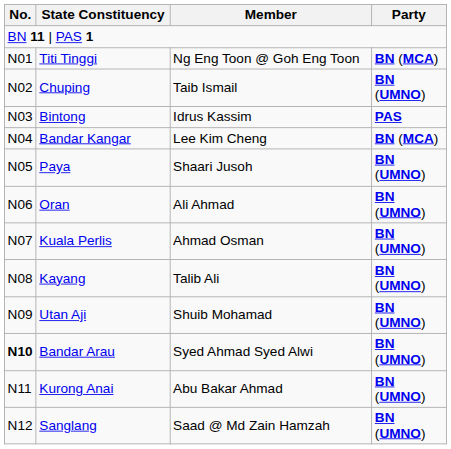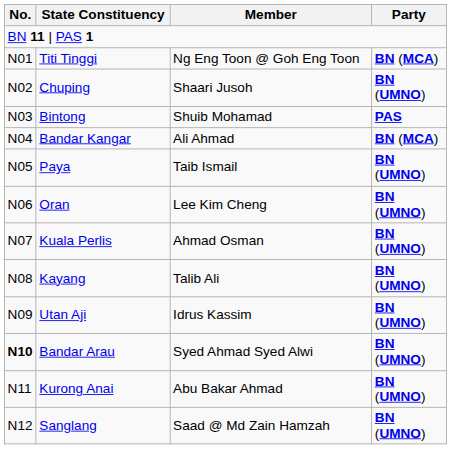 <table class="wikitable sortable">
 <tr>
 <th style="width:30px;">No.</th>
 <th style="width:150px;">State Constituency</th>
 <th style="width:230px;">Member</th>
 <th style="width:80px;">Party</th>
 </tr>
 <tr>
 <td colspan="4"><a href='#'>BN</a> <strong>11</strong> | <a href='#'>PAS</a> <strong>1</strong></td>
 </tr>
 <tr>
 <td>N01</td>
 <td><a href='#'>Titi Tinggi</a></td>
 <td>Ng Eng Toon @ Goh Eng Toon</td>
 <td><strong><a href='#'>BN</a></strong> (<strong><a href='#'>MCA</a></strong>)</td>
 </tr>
 <tr>
 <td>N02</td>
 <td><a href='#'>Chuping</a></td>
-<td>Taib Ismail</td>
+<td>Shaari Jusoh</td>
 <td><strong><a href='#'>BN</a></strong> (<strong><a href='#'>UMNO</a></strong>)</td>
 </tr>
 <tr>
 <td>N03</td>
 <td><a href='#'>Bintong</a></td>
-<td>Idrus Kassim</td>
+<td>Shuib Mohamad</td>
 <td><strong><a href='#'>PAS</a></strong></td>
 </tr>
 <tr>
 <td>N04</td>
 <td><a href='#'>Bandar Kangar</a></td>
-<td>Lee Kim Cheng</td>
+<td>Ali Ahmad</td>
 <td><strong><a href='#'>BN</a></strong> (<strong><a href='#'>MCA</a></strong>)</td>
 </tr>
 <tr>
 <td>N05</td>
 <td><a href='#'>Paya</a></td>
-<td>Shaari Jusoh</td>
+<td>Taib Ismail</td>
 <td><strong><a href='#'>BN</a></strong> (<strong><a href='#'>UMNO</a></strong>)</td>
 </tr>
 <tr>
 <td>N06</td>
 <td><a href='#'>Oran</a></td>
-<td>Ali Ahmad</td>
+<td>Lee Kim Cheng</td>
 <td><strong><a href='#'>BN</a></strong> (<strong><a href='#'>UMNO</a></strong>)</td>
 </tr>
 <tr>
 <td>N07</td>
 <td><a href='#'>Kuala Perlis</a></td>
 <td>Ahmad Osman</td>
 <td><strong><a href='#'>BN</a></strong> (<strong><a href='#'>UMNO</a></strong>)</td>
 </tr>
 <tr>
 <td>N08</td>
 <td><a href='#'>Kayang</a></td>
 <td>Talib Ali</td>
 <td><strong><a href='#'>BN</a></strong> (<strong><a href='#'>UMNO</a></strong>)</td>
 </tr>
 <tr>
 <td>N09</td>
 <td><a href='#'>Utan Aji</a></td>
-<td>Shuib Mohamad</td>
+<td>Idrus Kassim</td>
 <td><strong><a href='#'>BN</a></strong> (<strong><a href='#'>UMNO</a></strong>)</td>
 </tr>
 <tr>
 <td><strong>N10</strong></td>
 <td><a href='#'>Bandar Arau</a></td>
 <td>Syed Ahmad Syed Alwi</td>
 <td><strong><a href='#'>BN</a></strong> (<strong><a href='#'>UMNO</a></strong>)</td>
 </tr>
 <tr>
 <td>N11</td>
 <td><a href='#'>Kurong Anai</a></td>
 <td>Abu Bakar Ahmad</td>
 <td><strong><a href='#'>BN</a></strong> (<strong><a href='#'>UMNO</a></strong>)</td>
 </tr>
 <tr>
 <td>N12</td>
 <td><a href='#'>Sanglang</a></td>
 <td>Saad @ Md Zain Hamzah</td>
 <td><strong><a href='#'>BN</a></strong> (<strong><a href='#'>UMNO</a></strong>)</td>
 </tr>
 </table>
